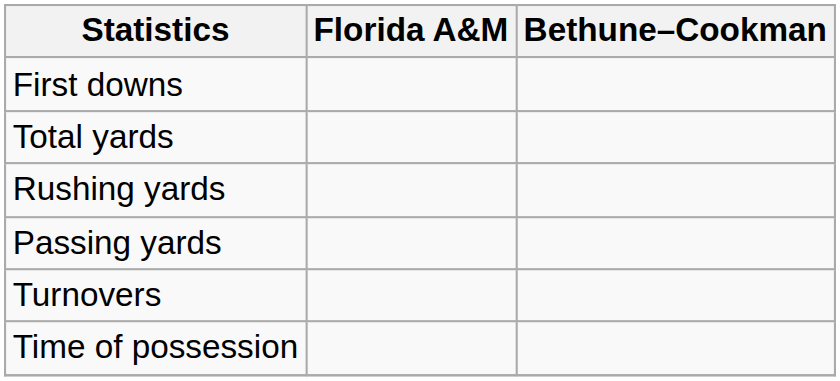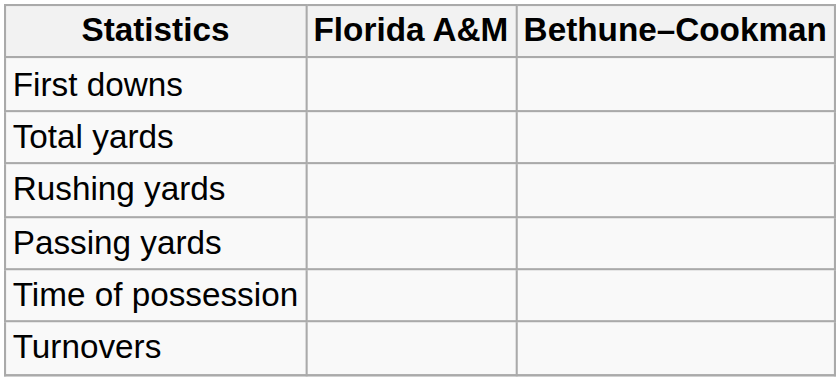 <table class="wikitable">
 <tr>
 <th>Statistics</th>
 <th>Florida A&M</th>
 <th>Bethune–Cookman</th>
 </tr>
 <tr>
 <td>First downs</td>
 <td> </td>
 <td> </td>
 </tr>
 <tr>
 <td>Total yards</td>
 <td> </td>
 <td> </td>
 </tr>
 <tr>
 <td>Rushing yards</td>
 <td> </td>
 <td> </td>
 </tr>
 <tr>
 <td>Passing yards</td>
 <td> </td>
 <td> </td>
 </tr>
 <tr>
-<td>Turnovers</td>
+<td>Time of possession</td>
 <td> </td>
 <td> </td>
 </tr>
 <tr>
-<td>Time of possession</td>
+<td>Turnovers</td>
 <td> </td>
 <td> </td>
 </tr>
 <tr>
 </tr>
 </table>
